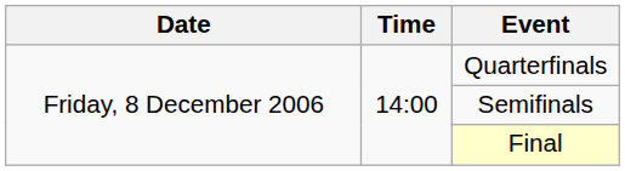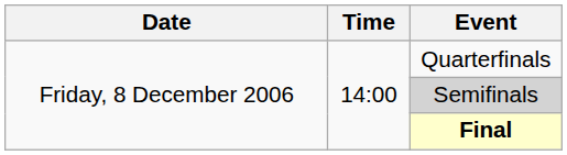 <table class = "wikitable" style="text-align:center;">
 <tr>
 <th width=220>Date</th>
 <th width=50>Time</th>
 <th width=100>Event</th>
 </tr>
 <tr>
 <td rowspan=3>Friday, 8 December 2006</td>
 <td rowspan=3>14:00</td>
 <td>Quarterfinals</td>
 </tr>
 <tr>
-<td>Semifinals</td>
+<td style="background: lightgrey;">Semifinals</td>
 </tr>
 <tr>
-<td bgcolor=ffffcc>Final</td>
+<td bgcolor=ffffcc><strong>Final</strong></td>
 </tr>
 </table>
